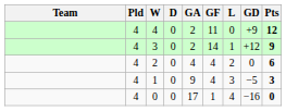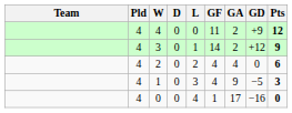 <table class="wikitable" style="text-align: center;">
 <tr>
 <th width=175>Team</th>
 <th width=20>Pld</th>
 <th width=20>W</th>
 <th width=20>D</th>
+<th width=20>L</th>
+<th width=20>GF</th>
 <th width=20>GA</th>
-<th width=20>GF</th>
-<th width=20>L</th>
 <th width=20>GD</th>
 <th width=20>Pts</th>
 </tr>
 <tr bgcolor=ccffcc>
 <td style="text-align:left;"></td>
 <td>4</td>
 <td>4</td>
 <td>0</td>
+<td>0</td>
+<td>11</td>
 <td>2</td>
-<td>11</td>
-<td>0</td>
 <td>+9</td>
 <td><strong>12</strong></td>
 </tr>
 <tr bgcolor=ccffcc>
 <td style="text-align:left;"></td>
 <td>4</td>
 <td>3</td>
 <td>0</td>
+<td>1</td>
+<td>14</td>
 <td>2</td>
-<td>14</td>
-<td>1</td>
 <td>+12</td>
 <td><strong>9</strong></td>
 </tr>
 <tr>
 <td style="text-align:left;"></td>
 <td>4</td>
 <td>2</td>
 <td>0</td>
+<td>2</td>
 <td>4</td>
 <td>4</td>
-<td>2</td>
 <td>0</td>
 <td><strong>6</strong></td>
 </tr>
 <tr>
 <td style="text-align:left;"></td>
 <td>4</td>
 <td>1</td>
 <td>0</td>
+<td>3</td>
+<td>4</td>
 <td>9</td>
-<td>4</td>
-<td>3</td>
 <td>−5</td>
 <td><strong>3</strong></td>
 </tr>
 <tr>
 <td style="text-align:left;"></td>
 <td>4</td>
 <td>0</td>
 <td>0</td>
+<td>4</td>
+<td>1</td>
 <td>17</td>
-<td>1</td>
-<td>4</td>
 <td>−16</td>
 <td><strong>0</strong></td>
 </tr>
 </table>
